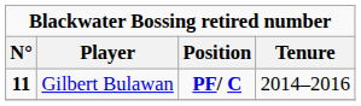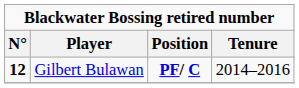 <table class="wikitable sortable" style="text-align:center">
 <tr>
 <td colspan="4"><strong>Blackwater Bossing retired number</strong></td>
 </tr>
 <tr>
 <th>N°</th>
 <th>Player</th>
 <th>Position</th>
 <th>Tenure</th>
 </tr>
 <tr>
-<td><strong>11</strong></td>
+<td><strong>12</strong></td>
 <td><a href='#'>Gilbert Bulawan</a></td>
 <td><strong><a href='#'>PF</a>/ <a href='#'>C</a></strong></td>
 <td>2014–2016</td>
 </tr>
 <tr>
 </tr>
 </table>
